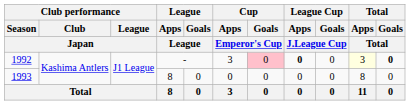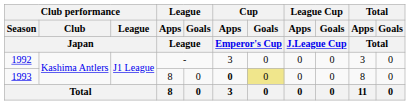 <table class="wikitable" style="text-align:center;">
 <tr>
 <th colspan=3>Club performance</th>
 <th colspan=2>League</th>
 <th colspan=2>Cup</th>
 <th colspan=2>League Cup</th>
 <th colspan=2>Total</th>
 </tr>
 <tr>
 <th>Season</th>
 <th>Club</th>
 <th>League</th>
 <th>Apps</th>
 <th>Goals</th>
 <th>Apps</th>
 <th>Goals</th>
 <th>Apps</th>
 <th>Goals</th>
 <th>Apps</th>
 <th>Goals</th>
 </tr>
 <tr>
 <th colspan=3>Japan</th>
 <th colspan=2>League</th>
 <th colspan=2><a href='#'>Emperor's Cup</a></th>
 <th colspan=2><a href='#'>J.League Cup</a></th>
 <th colspan=2>Total</th>
 </tr>
 <tr>
 <td><a href='#'>1992</a></td>
 <td rowspan="2"><a href='#'>Kashima Antlers</a></td>
 <td rowspan="2"><a href='#'>J1 League</a></td>
 <td colspan="2">-</td>
 <td>3</td>
-<td style="background: pink;">0</td>
-<td><strong>0</strong></td>
 <td>0</td>
-<td style="background: lightyellow;">3</td>
-<td><strong>0</strong></td>
+<td>0</td>
+<td>0</td>
+<td>3</td>
+<td>0</td>
 </tr>
 <tr>
 <td><a href='#'>1993</a></td>
 <td>8</td>
 <td>0</td>
-<td>0</td>
-<td>0</td>
+<td><strong>0</strong></td>
+<td style="background: khaki;">0</td>
 <td>0</td>
 <td>0</td>
 <td>8</td>
 <td>0</td>
 </tr>
 <tr>
 <th colspan=3>Total</th>
 <th>8</th>
 <th>0</th>
 <th>3</th>
 <th>0</th>
 <th>0</th>
 <th>0</th>
 <th>11</th>
 <th>0</th>
 </tr>
 </table>
